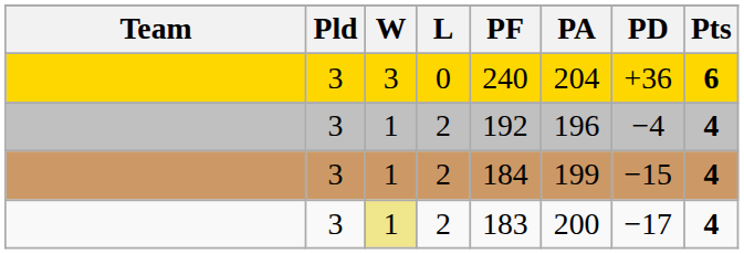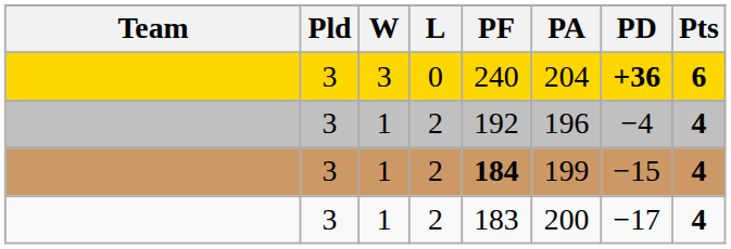 <table class=wikitable>
 <tr align=center>
 </tr>
 <tr>
 <th width=150>Team</th>
 <th width=20>Pld</th>
 <th width=20>W</th>
 <th width=20>L</th>
 <th width=30>PF</th>
 <th width=30>PA</th>
 <th width=30>PD</th>
 <th width=20>Pts</th>
 </tr>
 <tr align=center bgcolor=gold>
 <td align=left></td>
 <td>3</td>
 <td>3</td>
 <td>0</td>
 <td>240</td>
 <td>204</td>
-<td>+36</td>
+<td><strong>+36</strong></td>
 <td><strong>6</strong></td>
 </tr>
 <tr align=center bgcolor=silver>
 <td align=left></td>
 <td>3</td>
 <td>1</td>
 <td>2</td>
 <td>192</td>
 <td>196</td>
 <td>−4</td>
 <td><strong>4</strong></td>
 </tr>
 <tr align=center bgcolor=#cc9966>
 <td align=left></td>
 <td>3</td>
 <td>1</td>
 <td>2</td>
-<td>184</td>
+<td><strong>184</strong></td>
 <td>199</td>
 <td>−15</td>
 <td><strong>4</strong></td>
 </tr>
 <tr align=center>
 <td align=left></td>
 <td>3</td>
-<td style="background: khaki;">1</td>
+<td>1</td>
 <td>2</td>
 <td>183</td>
 <td>200</td>
 <td>−17</td>
 <td><strong>4</strong></td>
 </tr>
 </table>
